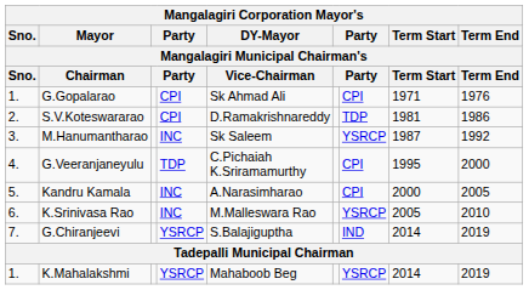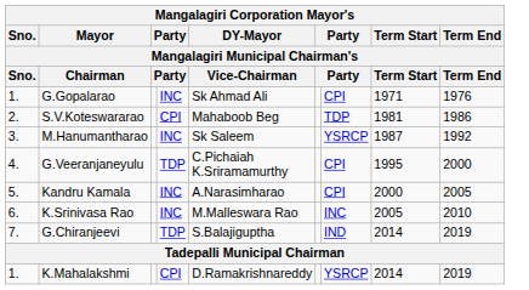 <table class="wikitable sortable">
 <tr>
 <th colspan="9">Mangalagiri Corporation Mayor's</th>
 </tr>
 <tr>
 <th>Sno.</th>
 <th>Mayor</th>
 <th colspan="2">Party</th>
 <th>DY-Mayor</th>
 <th colspan="2">Party</th>
 <th>Term Start</th>
 <th>Term End</th>
 </tr>
 <tr>
 <th colspan="9">Mangalagiri Municipal Chairman's</th>
 </tr>
 <tr>
 <th>Sno.</th>
 <th>Chairman</th>
 <th colspan="2">Party</th>
 <th>Vice-Chairman</th>
 <th colspan="2">Party</th>
 <th>Term Start</th>
 <th>Term End</th>
 </tr>
 <tr>
 <td>1.</td>
 <td>G.Gopalarao</td>
 <td></td>
-<td><a href='#'>CPI</a></td>
+<td><a href='#'>INC</a></td>
 <td>Sk Ahmad Ali</td>
 <td></td>
 <td><a href='#'>CPI</a></td>
 <td>1971</td>
 <td>1976</td>
 </tr>
 <tr>
 <td>2.</td>
 <td>S.V.Koteswararao</td>
 <td></td>
 <td><a href='#'>CPI</a></td>
-<td>D.Ramakrishnareddy</td>
+<td>Mahaboob Beg</td>
 <td></td>
 <td><a href='#'>TDP</a></td>
 <td>1981</td>
 <td>1986</td>
 </tr>
 <tr>
 <td>3.</td>
 <td>M.Hanumantharao</td>
 <td></td>
 <td><a href='#'>INC</a></td>
 <td>Sk Saleem</td>
 <td></td>
 <td><a href='#'>YSRCP</a></td>
 <td>1987</td>
 <td>1992</td>
 </tr>
 <tr>
 <td>4.</td>
 <td>G.Veeranjaneyulu</td>
 <td></td>
 <td><a href='#'>TDP</a></td>
 <td>C.Pichaiah<br>K.Sriramamurthy</td>
 <td></td>
 <td><a href='#'>CPI</a></td>
 <td>1995</td>
 <td>2000</td>
 </tr>
 <tr>
 <td>5.</td>
 <td>Kandru Kamala</td>
 <td></td>
 <td><a href='#'>INC</a></td>
 <td>A.Narasimharao</td>
 <td></td>
 <td><a href='#'>CPI</a></td>
 <td>2000</td>
 <td>2005</td>
 </tr>
 <tr>
 <td>6.</td>
 <td>K.Srinivasa Rao</td>
 <td></td>
 <td><a href='#'>INC</a></td>
 <td>M.Malleswara Rao</td>
 <td></td>
-<td><a href='#'>YSRCP</a></td>
+<td><a href='#'>INC</a></td>
 <td>2005</td>
 <td>2010</td>
 </tr>
 <tr>
 <td>7.</td>
 <td>G.Chiranjeevi</td>
 <td></td>
-<td><a href='#'>YSRCP</a></td>
+<td><a href='#'>TDP</a></td>
 <td>S.Balajiguptha</td>
 <td></td>
 <td><a href='#'>IND</a></td>
 <td>2014</td>
 <td>2019</td>
 </tr>
 <tr>
 <th colspan="9">Tadepalli Municipal Chairman</th>
 </tr>
 <tr>
 <td>1.</td>
 <td>K.Mahalakshmi</td>
 <td></td>
-<td><a href='#'>YSRCP</a></td>
-<td>Mahaboob Beg</td>
+<td><a href='#'>CPI</a></td>
+<td>D.Ramakrishnareddy</td>
 <td></td>
 <td><a href='#'>YSRCP</a></td>
 <td>2014</td>
 <td>2019</td>
 </tr>
 </table>
